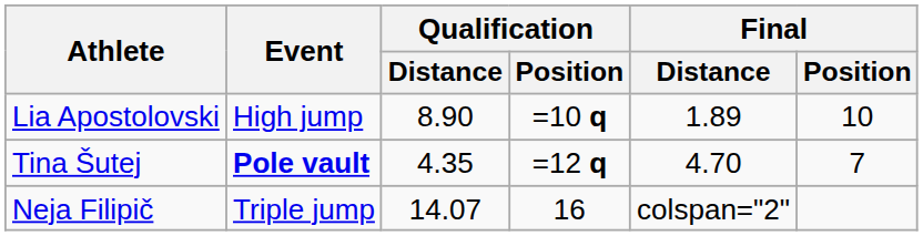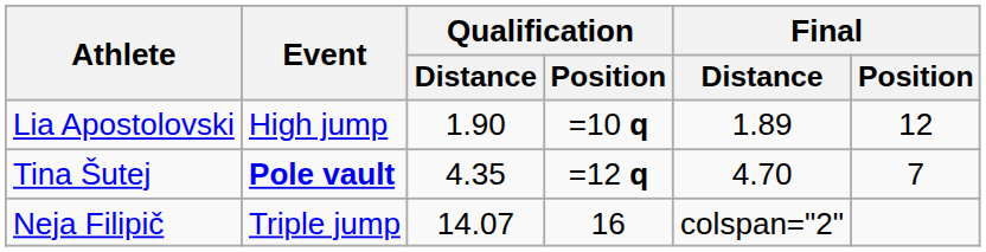 <table class=wikitable style=font-size:90%>
 <tr>
 <th rowspan=2>Athlete</th>
 <th rowspan=2>Event</th>
 <th colspan=2>Qualification</th>
 <th colspan=2>Final</th>
 </tr>
 <tr style=font-size:95%>
 <th>Distance</th>
 <th>Position</th>
 <th>Distance</th>
 <th>Position</th>
 </tr>
 <tr align=center>
 <td align=left><a href='#'>Lia Apostolovski</a></td>
 <td align=left><a href='#'>High jump</a></td>
-<td>8.90</td>
+<td>1.90</td>
 <td>=10 <strong>q</strong></td>
 <td>1.89</td>
-<td>10</td>
+<td>12</td>
 </tr>
 <tr align=center>
 <td align=left><a href='#'>Tina Šutej</a></td>
 <td align=left><strong><a href='#'>Pole vault</a></strong></td>
 <td>4.35</td>
 <td>=12 <strong>q</strong></td>
 <td>4.70</td>
 <td>7</td>
 </tr>
 <tr align=center>
 <td align=left><a href='#'>Neja Filipič</a></td>
 <td align=left><a href='#'>Triple jump</a></td>
 <td>14.07</td>
 <td>16</td>
 <td>colspan="2" </td>
 </tr>
 </table>
